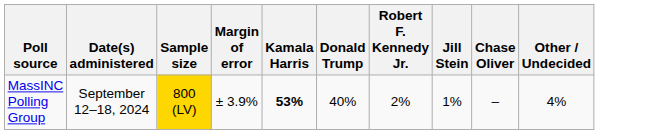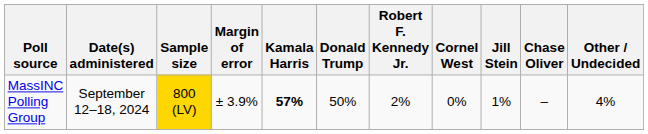 <table class="wikitable sortable mw-datatable" style="font-size:90%;text-align:center;line-height:17px">
 <tr valign=bottom>
 <th>Poll source</th>
 <th>Date(s)<br>administered</th>
 <th>Sample<br>size</th>
 <th>Margin<br>of error</th>
 <th class="unsortable">Kamala<br>Harris<br></th>
 <th class="unsortable">Donald<br>Trump<br></th>
 <th class="unsortable">Robert F.<br>Kennedy Jr.<br></th>
+<th class="unsortable">Cornel<br>West<br></th>
 <th class="unsortable">Jill<br>Stein<br></th>
 <th class="unsortable">Chase<br>Oliver<br></th>
 <th class="unsortable">Other /<br>Undecided</th>
 </tr>
 <tr>
 <td style="text-align:left;"><a href='#'>MassINC Polling Group</a></td>
 <td data-sort-value="2024-09-18">September 12–18, 2024</td>
 <td style="background: gold;">800 (LV)</td>
 <td>± 3.9%</td>
-<td style="color:black;background-color:"><strong>53%</strong></td>
-<td>40%</td>
+<td style="color:black;background-color:"><strong>57%</strong></td>
+<td>50%</td>
 <td>2%</td>
+<td>0%</td>
 <td>1%</td>
 <td>–</td>
 <td>4%</td>
 </tr>
 </table>
